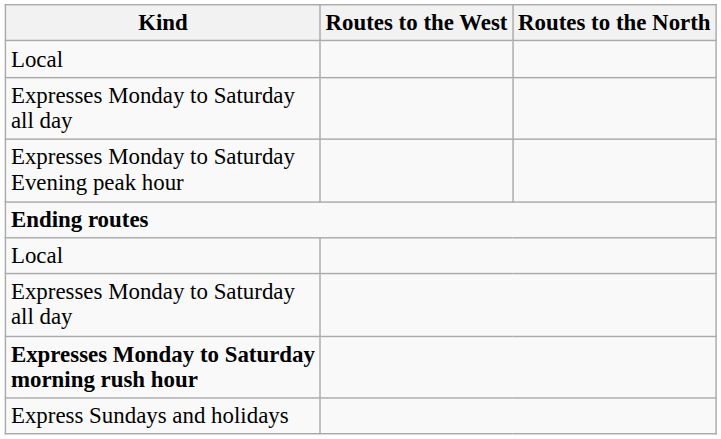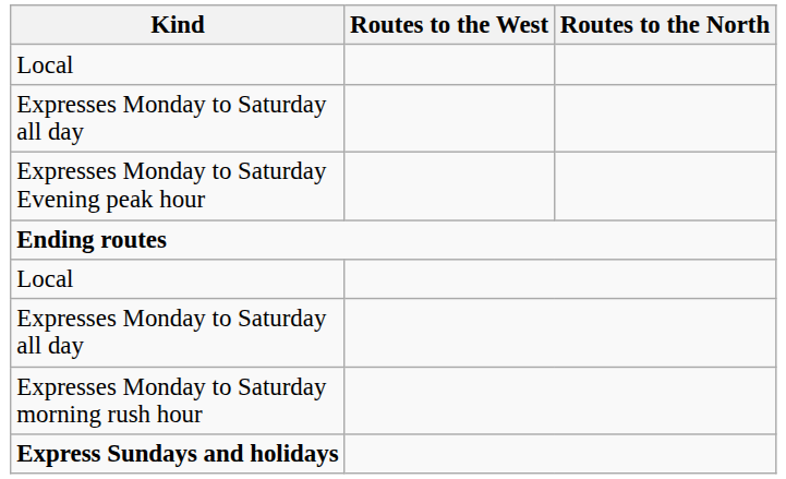 <table class="wikitable" style="margin:1em auto;">
 <tr>
 <th>Kind</th>
 <th>Routes to the West</th>
 <th>Routes to the North</th>
 </tr>
 <tr>
 <td>Local</td>
 <td> </td>
 <td></td>
 </tr>
 <tr>
 <td>Expresses Monday to Saturday <br> all day</td>
 <td></td>
 <td></td>
 </tr>
 <tr>
 <td>Expresses Monday to Saturday <br> Evening peak hour</td>
 <td></td>
 <td></td>
 </tr>
 <tr>
 <td colspan = "5"><strong>Ending routes</strong></td>
 </tr>
 <tr>
 <td>Local</td>
 <td colspan = "4"> </td>
 </tr>
 <tr>
 <td>Expresses Monday to Saturday <br> all day</td>
 <td colspan = "4"></td>
 </tr>
 <tr>
-<td><strong>Expresses Monday to Saturday <br> morning rush hour</strong></td>
+<td>Expresses Monday to Saturday <br> morning rush hour</td>
 <td colspan = "4"></td>
 </tr>
 <tr>
-<td>Express Sundays and holidays</td>
+<td><strong>Express Sundays and holidays</strong></td>
 <td colspan = "4"></td>
 </tr>
 </table>
